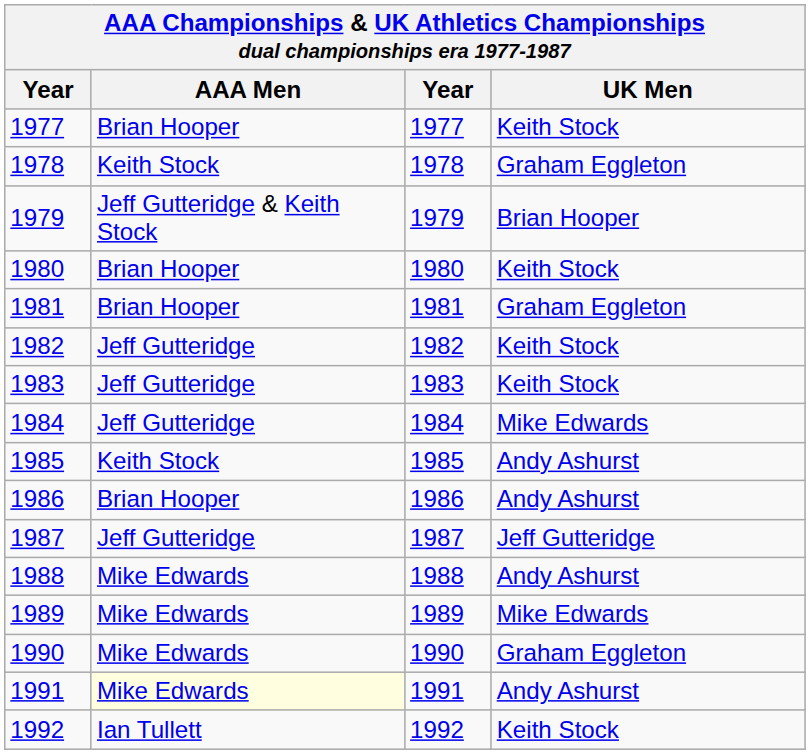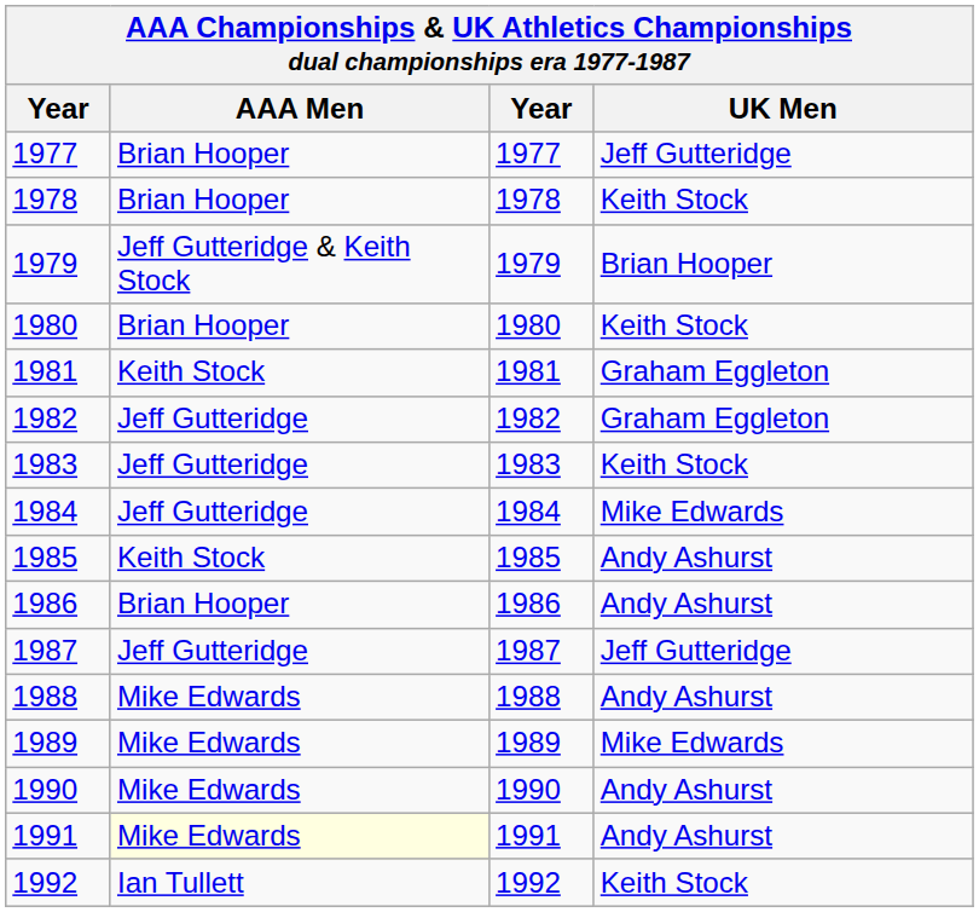 <table class="wikitable">
 <tr>
 <th colspan="4"><a href='#'>AAA Championships</a> & <a href='#'>UK Athletics Championships</a><br><em><small>dual championships era 1977-1987</small></em></th>
 </tr>
 <tr>
 <th width=50>Year</th>
 <th width=200>AAA Men</th>
 <th width=50>Year</th>
 <th width=200>UK Men</th>
 </tr>
 <tr>
 <td><a href='#'>1977</a></td>
 <td><a href='#'>Brian Hooper</a></td>
 <td><a href='#'>1977</a></td>
-<td><a href='#'>Keith Stock</a></td>
+<td><a href='#'>Jeff Gutteridge</a></td>
 </tr>
 <tr>
 <td><a href='#'>1978</a></td>
+<td><a href='#'>Brian Hooper</a></td>
+<td><a href='#'>1978</a></td>
 <td><a href='#'>Keith Stock</a></td>
-<td><a href='#'>1978</a></td>
-<td><a href='#'>Graham Eggleton</a></td>
 </tr>
 <tr>
 <td><a href='#'>1979</a></td>
 <td><a href='#'>Jeff Gutteridge</a> & <a href='#'>Keith Stock</a></td>
 <td><a href='#'>1979</a></td>
 <td><a href='#'>Brian Hooper</a></td>
 </tr>
 <tr>
 <td><a href='#'>1980</a></td>
 <td><a href='#'>Brian Hooper</a></td>
 <td><a href='#'>1980</a></td>
 <td><a href='#'>Keith Stock</a></td>
 </tr>
 <tr>
 <td><a href='#'>1981</a></td>
-<td><a href='#'>Brian Hooper</a></td>
+<td><a href='#'>Keith Stock</a></td>
 <td><a href='#'>1981</a></td>
 <td><a href='#'>Graham Eggleton</a></td>
 </tr>
 <tr>
 <td><a href='#'>1982</a></td>
 <td><a href='#'>Jeff Gutteridge</a></td>
 <td><a href='#'>1982</a></td>
-<td><a href='#'>Keith Stock</a></td>
+<td><a href='#'>Graham Eggleton</a></td>
 </tr>
 <tr>
 <td><a href='#'>1983</a></td>
 <td><a href='#'>Jeff Gutteridge</a></td>
 <td><a href='#'>1983</a></td>
 <td><a href='#'>Keith Stock</a></td>
 </tr>
 <tr>
 <td><a href='#'>1984</a></td>
 <td><a href='#'>Jeff Gutteridge</a></td>
 <td><a href='#'>1984</a></td>
 <td><a href='#'>Mike Edwards</a></td>
 </tr>
 <tr>
 <td><a href='#'>1985</a></td>
 <td><a href='#'>Keith Stock</a></td>
 <td><a href='#'>1985</a></td>
 <td><a href='#'>Andy Ashurst</a></td>
 </tr>
 <tr>
 <td><a href='#'>1986</a></td>
 <td><a href='#'>Brian Hooper</a></td>
 <td><a href='#'>1986</a></td>
 <td><a href='#'>Andy Ashurst</a></td>
 </tr>
 <tr>
 <td><a href='#'>1987</a></td>
 <td><a href='#'>Jeff Gutteridge</a></td>
 <td><a href='#'>1987</a></td>
 <td><a href='#'>Jeff Gutteridge</a></td>
 </tr>
 <tr>
 <td><a href='#'>1988</a></td>
 <td><a href='#'>Mike Edwards</a></td>
 <td><a href='#'>1988</a></td>
 <td><a href='#'>Andy Ashurst</a></td>
 </tr>
 <tr>
 <td><a href='#'>1989</a></td>
 <td><a href='#'>Mike Edwards</a></td>
 <td><a href='#'>1989</a></td>
 <td><a href='#'>Mike Edwards</a></td>
 </tr>
 <tr>
 <td><a href='#'>1990</a></td>
 <td><a href='#'>Mike Edwards</a></td>
 <td><a href='#'>1990</a></td>
-<td><a href='#'>Graham Eggleton</a></td>
+<td><a href='#'>Andy Ashurst</a></td>
 </tr>
 <tr>
 <td><a href='#'>1991</a></td>
 <td style="background: lightyellow;"><a href='#'>Mike Edwards</a></td>
 <td><a href='#'>1991</a></td>
 <td><a href='#'>Andy Ashurst</a></td>
 </tr>
 <tr>
 <td><a href='#'>1992</a></td>
 <td><a href='#'>Ian Tullett</a></td>
 <td><a href='#'>1992</a></td>
 <td><a href='#'>Keith Stock</a></td>
 </tr>
 </table>
